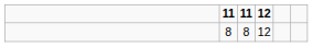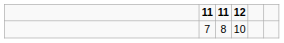 <table class="wikitable">
 <tr>
 <td style="width:18em"><strong></strong></td>
 <td align=center style="width:1em"><strong>11</strong></td>
 <td align=center style="width:1em"><strong>11</strong></td>
 <td align=center style="width:1em"><strong>12</strong></td>
 <td align=center style="width:1em"></td>
 <td align=center style="width:1em"></td>
 </tr>
 <tr>
 <td style="width:18em"></td>
+<td align=center style="width:1em">7</td>
 <td align=center style="width:1em">8</td>
-<td align=center style="width:1em">8</td>
-<td align=center style="width:1em">12</td>
+<td align=center style="width:1em">10</td>
 <td align=center style="width:1em"></td>
 <td align=center style="width:1em"></td>
 </tr>
 </table>
